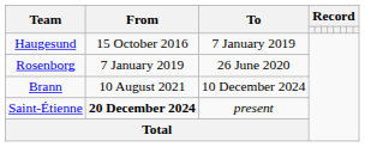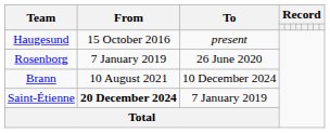 <table class="wikitable" style="text-align: center">
 <tr>
 <th rowspan="2">Team</th>
 <th rowspan="2">From</th>
 <th rowspan="2">To</th>
 <th colspan="8">Record</th>
 </tr>
 <tr>
 <th></th>
 <th></th>
 <th></th>
 <th></th>
 <th></th>
 <th></th>
 <th></th>
 <th></th>
 </tr>
 <tr>
 <td><a href='#'>Haugesund</a></td>
 <td>15 October 2016</td>
-<td>7 January 2019<br></td>
+<td><em>present</em><br></td>
 </tr>
 <tr>
 <td><a href='#'>Rosenborg</a></td>
 <td>7 January 2019</td>
 <td>26 June 2020<br></td>
 </tr>
 <tr>
 <td><a href='#'>Brann</a></td>
 <td>10 August 2021</td>
 <td>10 December 2024<br></td>
 </tr>
 <tr>
 <td><a href='#'>Saint-Étienne</a></td>
 <td><strong>20 December 2024</strong></td>
-<td><em>present</em><br></td>
+<td>7 January 2019<br></td>
 </tr>
 <tr>
 <th colspan="3">Total<br></th>
 </tr>
 </table>
